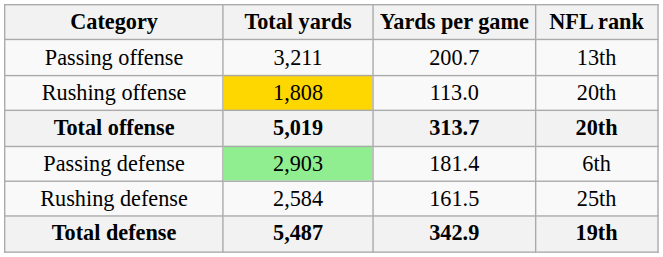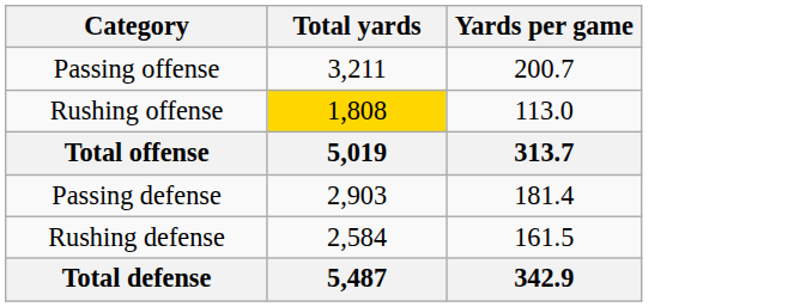 <table class="wikitable" style="text-align:center">
 <tr>
 <th width=150px>Category</th>
 <th width=100px>Total yards</th>
 <th width=110px>Yards per game</th>
-<th width=80px>NFL rank<br></th>
 </tr>
 <tr>
 <td>Passing offense</td>
 <td>3,211</td>
 <td>200.7</td>
-<td>13th</td>
 </tr>
 <tr>
 <td>Rushing offense</td>
 <td style="background: gold;">1,808</td>
 <td>113.0</td>
-<td>20th</td>
 </tr>
 <tr>
 <th>Total offense</th>
 <th>5,019</th>
 <th>313.7</th>
-<th>20th</th>
 </tr>
 <tr>
 <td>Passing defense</td>
-<td style="background: lightgreen;">2,903</td>
+<td>2,903</td>
 <td>181.4</td>
-<td>6th</td>
 </tr>
 <tr>
 <td>Rushing defense</td>
 <td>2,584</td>
 <td>161.5</td>
-<td>25th</td>
 </tr>
 <tr>
 <th>Total defense</th>
 <th>5,487</th>
 <th>342.9</th>
-<th>19th</th>
 </tr>
 </table>
